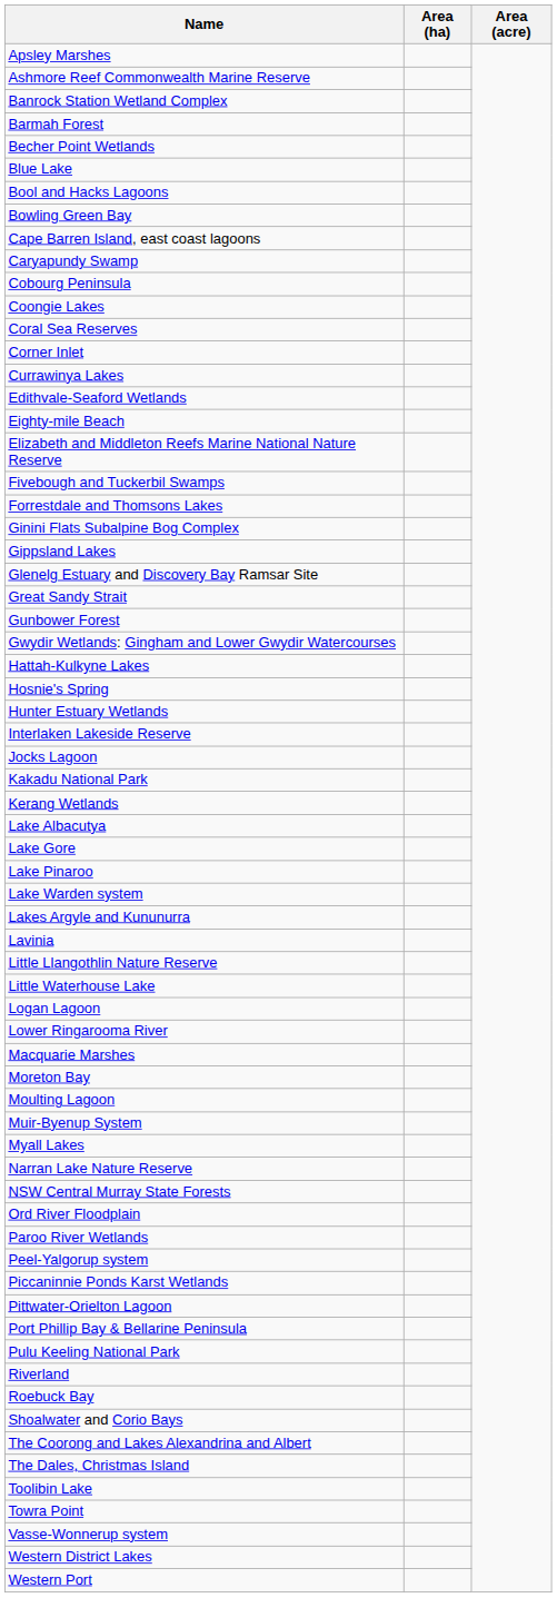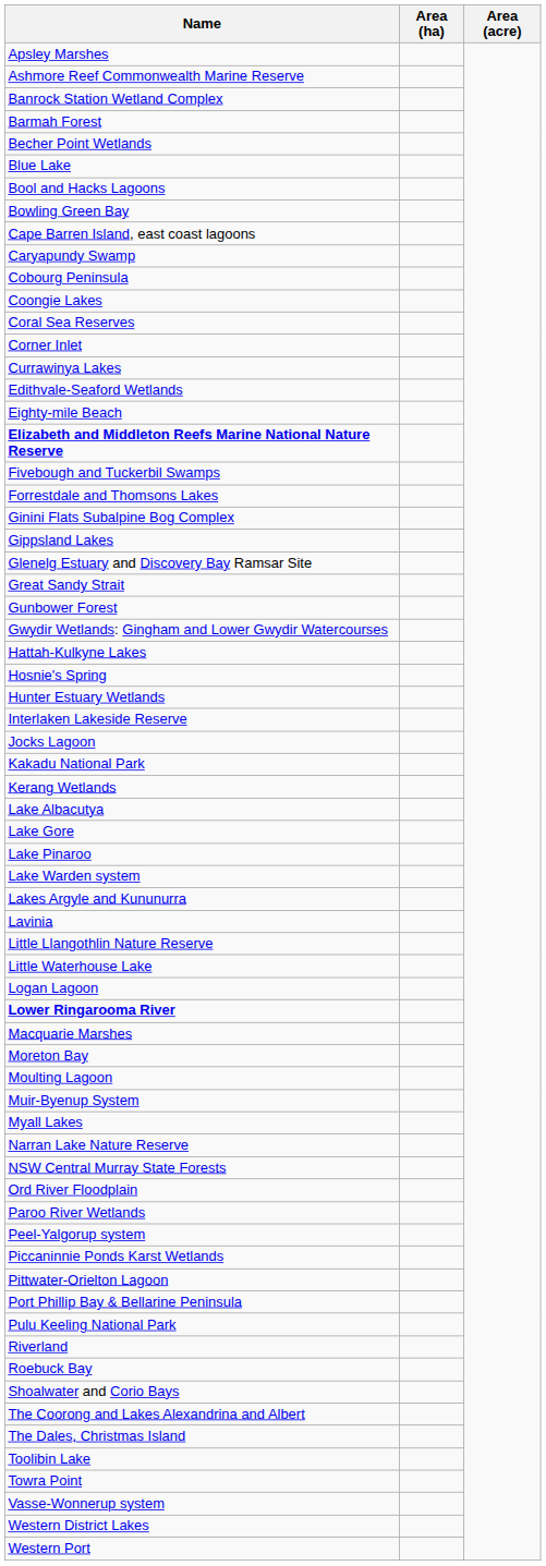 <table class="wikitable sortable">
 <tr>
 <th scope="col" align=left>Name</th>
 <th scope="col">Area (ha)</th>
 <th scope="col">Area (acre)</th>
 </tr>
 <tr ---->
 <td><a href='#'>Apsley Marshes</a></td>
 <td></td>
 </tr>
 <tr ---->
 <td><a href='#'>Ashmore Reef Commonwealth Marine Reserve</a></td>
 <td></td>
 </tr>
 <tr ---->
 <td><a href='#'>Banrock Station Wetland Complex</a></td>
 <td></td>
 </tr>
 <tr ---->
 <td><a href='#'>Barmah Forest</a></td>
 <td></td>
 </tr>
 <tr ---->
 <td><a href='#'>Becher Point Wetlands</a></td>
 <td></td>
 </tr>
 <tr ---->
 <td><a href='#'>Blue Lake</a></td>
 <td></td>
 </tr>
 <tr ---->
 <td><a href='#'>Bool and Hacks Lagoons</a></td>
 <td></td>
 </tr>
 <tr ---->
 <td><a href='#'>Bowling Green Bay</a></td>
 <td></td>
 </tr>
 <tr ---->
 <td><a href='#'>Cape Barren Island</a>, east coast lagoons</td>
 <td></td>
 </tr>
 <tr ---->
 <td><a href='#'>Caryapundy Swamp</a></td>
 <td></td>
 </tr>
 <tr ---->
 <td><a href='#'>Cobourg Peninsula</a></td>
 <td></td>
 </tr>
 <tr ---->
 <td><a href='#'>Coongie Lakes</a></td>
 <td></td>
 </tr>
 <tr ---->
 <td><a href='#'>Coral Sea Reserves</a></td>
 <td></td>
 </tr>
 <tr ---->
 <td><a href='#'>Corner Inlet</a></td>
 <td></td>
 </tr>
 <tr ---->
 <td><a href='#'>Currawinya Lakes</a></td>
 <td></td>
 </tr>
 <tr ---->
 <td><a href='#'>Edithvale-Seaford Wetlands</a></td>
 <td></td>
 </tr>
 <tr ---->
 <td><a href='#'>Eighty-mile Beach</a></td>
 <td></td>
 </tr>
 <tr ---->
-<td><a href='#'>Elizabeth and Middleton Reefs Marine National Nature Reserve</a></td>
+<td><strong><a href='#'>Elizabeth and Middleton Reefs Marine National Nature Reserve</a></strong></td>
 <td></td>
 </tr>
 <tr ---->
 <td><a href='#'>Fivebough and Tuckerbil Swamps</a></td>
 <td></td>
 </tr>
 <tr ---->
 <td><a href='#'>Forrestdale and Thomsons Lakes</a></td>
 <td></td>
 </tr>
 <tr ---->
 <td><a href='#'>Ginini Flats Subalpine Bog Complex</a></td>
 <td></td>
 </tr>
 <tr ---->
 <td><a href='#'>Gippsland Lakes</a></td>
 <td></td>
 </tr>
 <tr ---->
 <td><a href='#'>Glenelg Estuary</a> and <a href='#'>Discovery Bay</a> Ramsar Site</td>
 <td></td>
 </tr>
 <tr ---->
 <td><a href='#'>Great Sandy Strait</a></td>
 <td></td>
 </tr>
 <tr ---->
 <td><a href='#'>Gunbower Forest</a></td>
 <td></td>
 </tr>
 <tr ---->
 <td><a href='#'>Gwydir Wetlands</a>: <a href='#'>Gingham and Lower Gwydir Watercourses</a></td>
 <td></td>
 </tr>
 <tr ---->
 <td><a href='#'>Hattah-Kulkyne Lakes</a></td>
 <td></td>
 </tr>
 <tr ---->
 <td><a href='#'>Hosnie's Spring</a></td>
 <td></td>
 </tr>
 <tr ---->
 <td><a href='#'>Hunter Estuary Wetlands</a></td>
 <td></td>
 </tr>
 <tr ---->
 <td><a href='#'>Interlaken Lakeside Reserve</a></td>
 <td></td>
 </tr>
 <tr ---->
 <td><a href='#'>Jocks Lagoon</a></td>
 <td></td>
 </tr>
 <tr ---->
 <td><a href='#'>Kakadu National Park</a></td>
 <td></td>
 </tr>
 <tr ---->
 <td><a href='#'>Kerang Wetlands</a></td>
 <td></td>
 </tr>
 <tr ---->
 <td><a href='#'>Lake Albacutya</a></td>
 <td></td>
 </tr>
 <tr ---->
 <td><a href='#'>Lake Gore</a></td>
 <td></td>
 </tr>
 <tr ---->
 <td><a href='#'>Lake Pinaroo</a></td>
 <td></td>
 </tr>
 <tr ---->
 <td><a href='#'>Lake Warden system</a></td>
 <td></td>
 </tr>
 <tr ---->
 <td><a href='#'>Lakes Argyle and Kununurra</a></td>
 <td></td>
 </tr>
 <tr ---->
 <td><a href='#'>Lavinia</a></td>
 <td></td>
 </tr>
 <tr ---->
 <td><a href='#'>Little Llangothlin Nature Reserve</a></td>
 <td></td>
 </tr>
 <tr ---->
 <td><a href='#'>Little Waterhouse Lake</a></td>
 <td></td>
 </tr>
 <tr ---->
 <td><a href='#'>Logan Lagoon</a></td>
 <td></td>
 </tr>
 <tr ---->
-<td><a href='#'>Lower Ringarooma River</a></td>
+<td><strong><a href='#'>Lower Ringarooma River</a></strong></td>
 <td></td>
 </tr>
 <tr ---->
 <td><a href='#'>Macquarie Marshes</a></td>
 <td></td>
 </tr>
 <tr ---->
 <td><a href='#'>Moreton Bay</a></td>
 <td></td>
 </tr>
 <tr ---->
 <td><a href='#'>Moulting Lagoon</a></td>
 <td></td>
 </tr>
 <tr ---->
 <td><a href='#'>Muir-Byenup System</a></td>
 <td></td>
 </tr>
 <tr ---->
 <td><a href='#'>Myall Lakes</a></td>
 <td></td>
 </tr>
 <tr ---->
 <td><a href='#'>Narran Lake Nature Reserve</a></td>
 <td></td>
 </tr>
 <tr ---->
 <td><a href='#'>NSW Central Murray State Forests</a></td>
 <td></td>
 </tr>
 <tr ---->
 <td><a href='#'>Ord River Floodplain</a></td>
 <td></td>
 </tr>
 <tr ---->
 <td><a href='#'>Paroo River Wetlands</a></td>
 <td></td>
 </tr>
 <tr ---->
 <td><a href='#'>Peel-Yalgorup system</a></td>
 <td></td>
 </tr>
 <tr ---->
 <td><a href='#'>Piccaninnie Ponds Karst Wetlands</a></td>
 <td></td>
 </tr>
 <tr ---->
 <td><a href='#'>Pittwater-Orielton Lagoon</a></td>
 <td></td>
 </tr>
 <tr ---->
 <td><a href='#'>Port Phillip Bay & Bellarine Peninsula</a></td>
 <td></td>
 </tr>
 <tr ---->
 <td><a href='#'>Pulu Keeling National Park</a></td>
 <td></td>
 </tr>
 <tr ---->
 <td><a href='#'>Riverland</a></td>
 <td></td>
 </tr>
 <tr ---->
 <td><a href='#'>Roebuck Bay</a></td>
 <td></td>
 </tr>
 <tr ---->
 <td><a href='#'>Shoalwater</a> and <a href='#'>Corio Bays</a></td>
 <td></td>
 </tr>
 <tr ---->
 <td><a href='#'>The Coorong and Lakes Alexandrina and Albert</a></td>
 <td></td>
 </tr>
 <tr ---->
 <td><a href='#'>The Dales, Christmas Island</a></td>
 <td></td>
 </tr>
 <tr ---->
 <td><a href='#'>Toolibin Lake</a></td>
 <td></td>
 </tr>
 <tr ---->
 <td><a href='#'>Towra Point</a></td>
 <td></td>
 </tr>
 <tr ---->
 <td><a href='#'>Vasse-Wonnerup system</a></td>
 <td></td>
 </tr>
 <tr ---->
 <td><a href='#'>Western District Lakes</a></td>
 <td></td>
 </tr>
 <tr ---->
 <td><a href='#'>Western Port</a></td>
 <td></td>
 </tr>
 </table>
